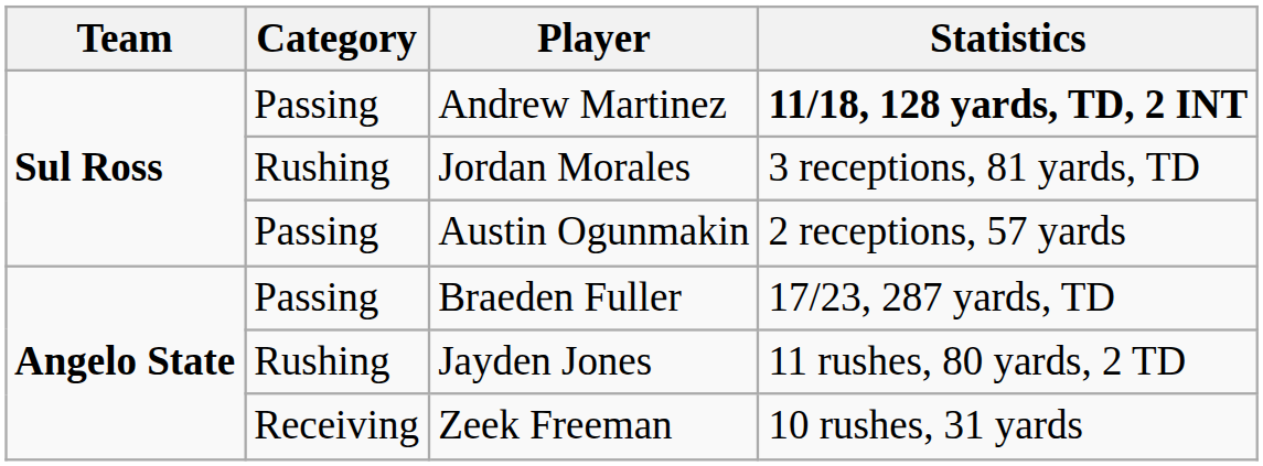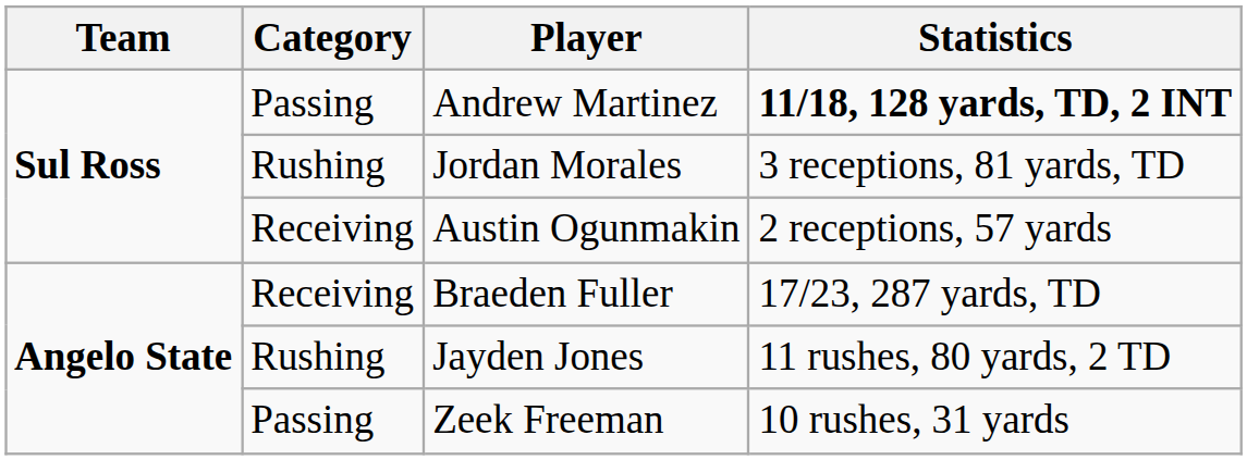 <table class="wikitable" style="float: right;">
 <tr>
 <th>Team</th>
 <th>Category</th>
 <th>Player</th>
 <th>Statistics</th>
 </tr>
 <tr>
 <td rowspan=3><strong>Sul Ross</strong></td>
 <td>Passing</td>
 <td>Andrew Martinez</td>
 <td><strong>11/18, 128 yards, TD, 2 INT</strong></td>
 </tr>
 <tr>
 <td>Rushing</td>
 <td>Jordan Morales</td>
 <td>3 receptions, 81 yards, TD</td>
 </tr>
 <tr>
-<td>Passing</td>
+<td>Receiving</td>
 <td>Austin Ogunmakin</td>
 <td>2 receptions, 57 yards</td>
 </tr>
 <tr>
 <td rowspan=3><strong>Angelo State</strong></td>
-<td>Passing</td>
+<td>Receiving</td>
 <td>Braeden Fuller</td>
 <td>17/23, 287 yards, TD</td>
 </tr>
 <tr>
 <td>Rushing</td>
 <td>Jayden Jones</td>
 <td>11 rushes, 80 yards, 2 TD</td>
 </tr>
 <tr>
-<td>Receiving</td>
+<td>Passing</td>
 <td>Zeek Freeman</td>
 <td>10 rushes, 31 yards</td>
 </tr>
 </table>
